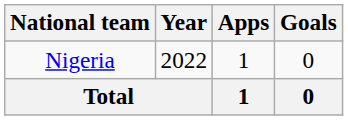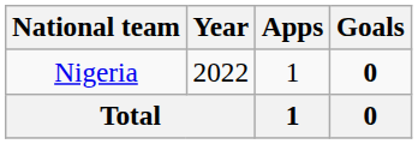 <table class="wikitable" style="text-align:center">
 <tr>
 <th>National team</th>
 <th>Year</th>
 <th>Apps</th>
 <th>Goals</th>
 </tr>
 <tr>
 <td><a href='#'>Nigeria</a></td>
 <td>2022</td>
 <td>1</td>
-<td>0</td>
+<td><strong>0</strong></td>
 </tr>
 <tr>
 <th colspan="2">Total</th>
 <th>1</th>
 <th>0</th>
 </tr>
 </table>
